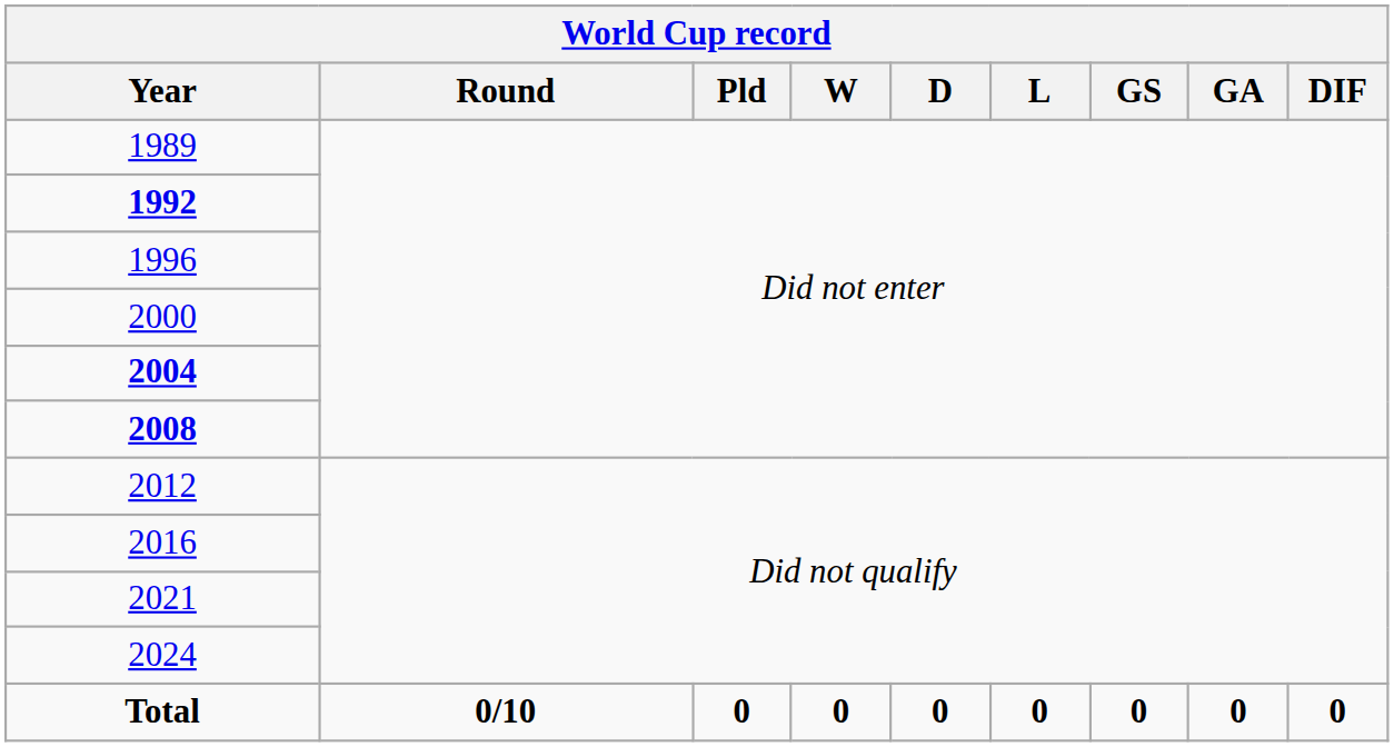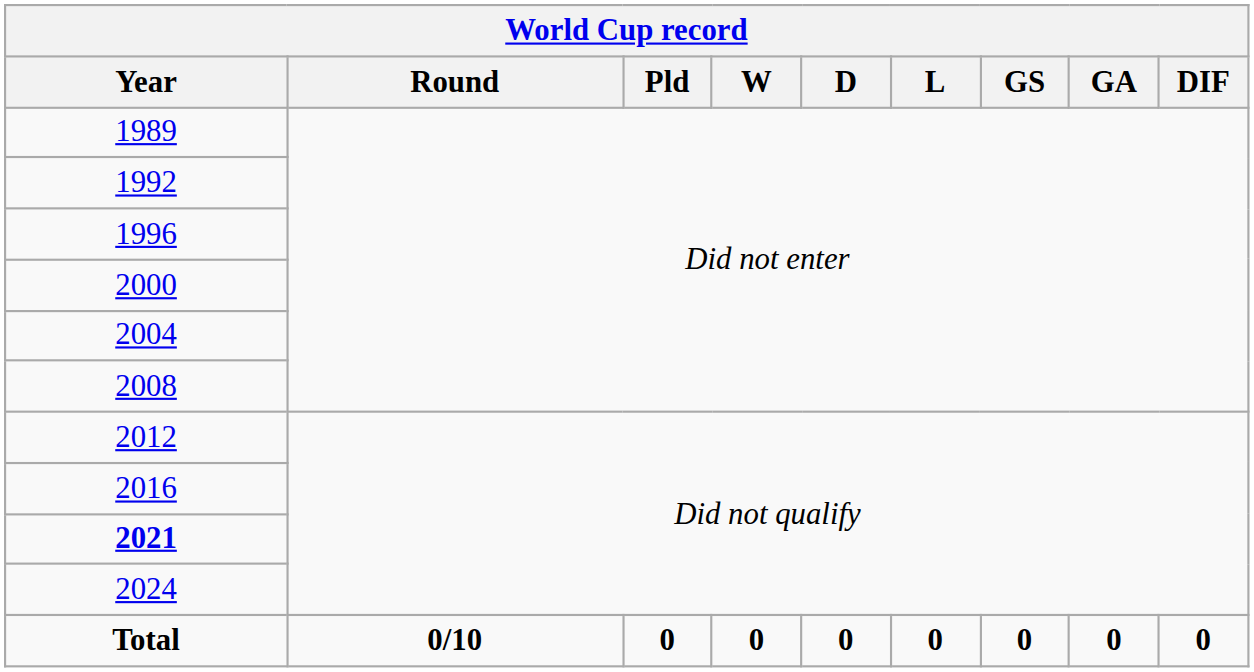 <table class="wikitable" style="text-align: center;font-size:90%;">
 <tr>
 <th colspan=9><a href='#'>World Cup record</a></th>
 </tr>
 <tr>
 <th width=125>Year</th>
 <th width=150>Round</th>
 <th width=35>Pld</th>
 <th width=35>W</th>
 <th width=35>D</th>
 <th width=35>L</th>
 <th width=35>GS</th>
 <th width=35>GA</th>
 <th width=35>DIF</th>
 </tr>
 <tr bgcolor=>
 <td> <a href='#'>1989</a></td>
 <td colspan=8 rowspan=6><em>Did not enter</em></td>
 </tr>
 <tr bgcolor=>
-<td><strong> <a href='#'>1992</a></strong></td>
+<td> <a href='#'>1992</a></td>
 </tr>
 <tr bgcolor=>
 <td> <a href='#'>1996</a></td>
 </tr>
 <tr bgcolor=>
 <td> <a href='#'>2000</a></td>
 </tr>
 <tr bgcolor=>
-<td><strong> <a href='#'>2004</a></strong></td>
+<td> <a href='#'>2004</a></td>
 </tr>
 <tr bgcolor=>
-<td><strong> <a href='#'>2008</a></strong></td>
+<td> <a href='#'>2008</a></td>
 </tr>
 <tr bgcolor=>
 <td> <a href='#'>2012</a></td>
 <td colspan=8 rowspan=4><em>Did not qualify</em></td>
 </tr>
 <tr bgcolor=>
 <td> <a href='#'>2016</a></td>
 </tr>
 <tr bgcolor=>
-<td> <a href='#'>2021</a></td>
+<td><strong> <a href='#'>2021</a></strong></td>
 </tr>
 <tr bgcolor=>
 <td> <a href='#'>2024</a></td>
 </tr>
 <tr bgcolor=>
 <td><strong>Total</strong></td>
 <td><strong>0/10</strong></td>
 <td><strong>0</strong></td>
 <td><strong>0</strong></td>
 <td><strong>0</strong></td>
 <td><strong>0</strong></td>
 <td><strong>0</strong></td>
 <td><strong>0</strong></td>
 <td><strong>0</strong></td>
 </tr>
 </table>
